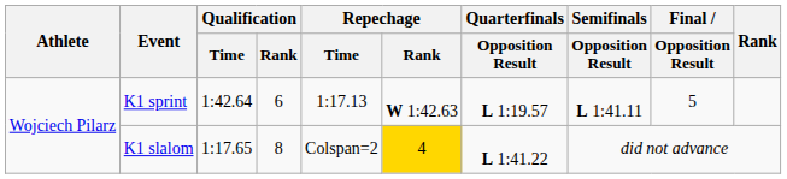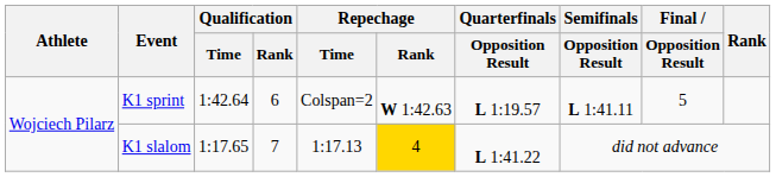 <table class="wikitable" style="font-size:90%">
 <tr>
 <th rowspan=2>Athlete</th>
 <th rowspan=2>Event</th>
 <th colspan=2>Qualification</th>
 <th colspan=2>Repechage</th>
 <th>Quarterfinals</th>
 <th>Semifinals</th>
 <th>Final / </th>
 <th rowspan=2>Rank</th>
 </tr>
 <tr style="font-size:95%">
 <th>Time</th>
 <th>Rank</th>
 <th>Time</th>
 <th>Rank</th>
 <th>Opposition <br>Result</th>
 <th>Opposition <br>Result</th>
 <th>Opposition <br>Result</th>
 </tr>
 <tr align=center>
 <td align=left rowspan=2><a href='#'>Wojciech Pilarz</a></td>
 <td align=left><a href='#'>K1 sprint</a></td>
 <td>1:42.64</td>
 <td>6</td>
-<td>1:17.13</td>
+<td>Colspan=2 </td>
 <td><br><strong>W</strong> 1:42.63</td>
 <td><br><strong>L</strong> 1:19.57</td>
 <td><br><strong>L</strong> 1:41.11</td>
 <td>5</td>
 </tr>
 <tr align=center>
 <td align="left"><a href='#'>K1 slalom</a></td>
 <td>1:17.65</td>
-<td>8</td>
-<td>Colspan=2 </td>
+<td>7</td>
+<td>1:17.13</td>
 <td style="background: gold;">4</td>
 <td><br><strong>L</strong> 1:41.22</td>
 <td Colspan=3><em>did not advance</em></td>
 </tr>
 </table>
